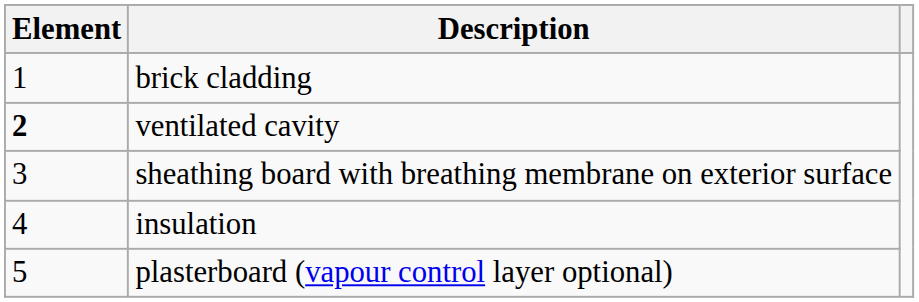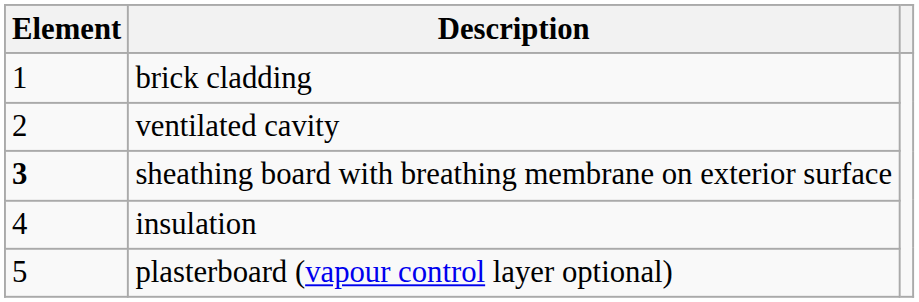 <table class="wikitable">
 <tr>
 <th>Element</th>
 <th>Description</th>
 <th></th>
 </tr>
 <tr>
 <td>1</td>
 <td>brick cladding</td>
 </tr>
 <tr>
-<td><strong>2</strong></td>
+<td>2</td>
 <td>ventilated cavity</td>
 </tr>
 <tr>
-<td>3</td>
+<td><strong>3</strong></td>
 <td>sheathing board with breathing membrane on exterior surface</td>
 </tr>
 <tr>
 <td>4</td>
 <td>insulation</td>
 </tr>
 <tr>
 <td>5</td>
 <td>plasterboard (<a href='#'>vapour control</a> layer optional)</td>
 </tr>
 </table>
